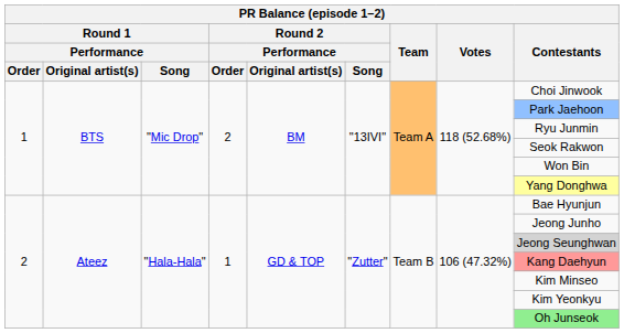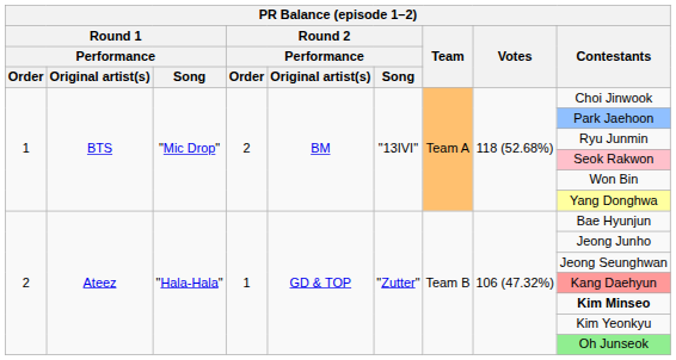 <table class="wikitable" style="text-align:center;">
 <tr>
 <th colspan="9">PR Balance (episode 1–2)</th>
 </tr>
 <tr>
 <th colspan="3">Round 1</th>
 <th colspan="3">Round 2</th>
 <th rowspan="3">Team</th>
 <th rowspan="3">Votes</th>
 <th rowspan="3">Contestants</th>
 </tr>
 <tr>
 <th colspan="3">Performance</th>
 <th colspan="3">Performance</th>
 </tr>
 <tr>
 <th>Order</th>
 <th>Original artist(s)</th>
 <th>Song</th>
 <th>Order</th>
 <th>Original artist(s)</th>
 <th>Song</th>
 </tr>
 <tr>
 <td rowspan="6">1</td>
 <td rowspan="6"><a href='#'>BTS</a></td>
 <td rowspan="6">"<a href='#'>Mic Drop</a>"</td>
 <td rowspan="6">2</td>
 <td rowspan="6"><a href='#'>BM</a></td>
 <td rowspan="6">"13IVI"</td>
 <td rowspan="6" style="background:#FFC06F;">Team A</td>
 <td rowspan="6">118 (52.68%)</td>
 <td>Choi Jinwook</td>
 </tr>
 <tr>
 <td style="background:#90C0FF;">Park Jaehoon</td>
 </tr>
 <tr>
 <td>Ryu Junmin</td>
 </tr>
 <tr>
-<td>Seok Rakwon</td>
+<td style="background: pink;">Seok Rakwon</td>
 </tr>
 <tr>
 <td>Won Bin</td>
 </tr>
 <tr>
 <td style="background:#FFFF9F;">Yang Donghwa</td>
 </tr>
 <tr>
 <td rowspan="7">2</td>
 <td rowspan="7"><a href='#'>Ateez</a></td>
 <td rowspan="7">"<a href='#'>Hala-Hala</a>"</td>
 <td rowspan="7">1</td>
 <td rowspan="7"><a href='#'>GD & TOP</a></td>
 <td rowspan="7">"<a href='#'>Zutter</a>"</td>
 <td rowspan="7">Team B</td>
 <td rowspan="7">106 (47.32%)</td>
 <td>Bae Hyunjun</td>
 </tr>
 <tr>
 <td>Jeong Junho</td>
 </tr>
 <tr>
-<td style="background: lightgrey;">Jeong Seunghwan</td>
+<td>Jeong Seunghwan</td>
 </tr>
 <tr>
 <td style="background:#FF9999;">Kang Daehyun</td>
 </tr>
 <tr>
-<td>Kim Minseo</td>
+<td><strong>Kim Minseo</strong></td>
 </tr>
 <tr>
 <td>Kim Yeonkyu</td>
 </tr>
 <tr>
 <td style="background:#90EE90;">Oh Junseok</td>
 </tr>
 </table>
